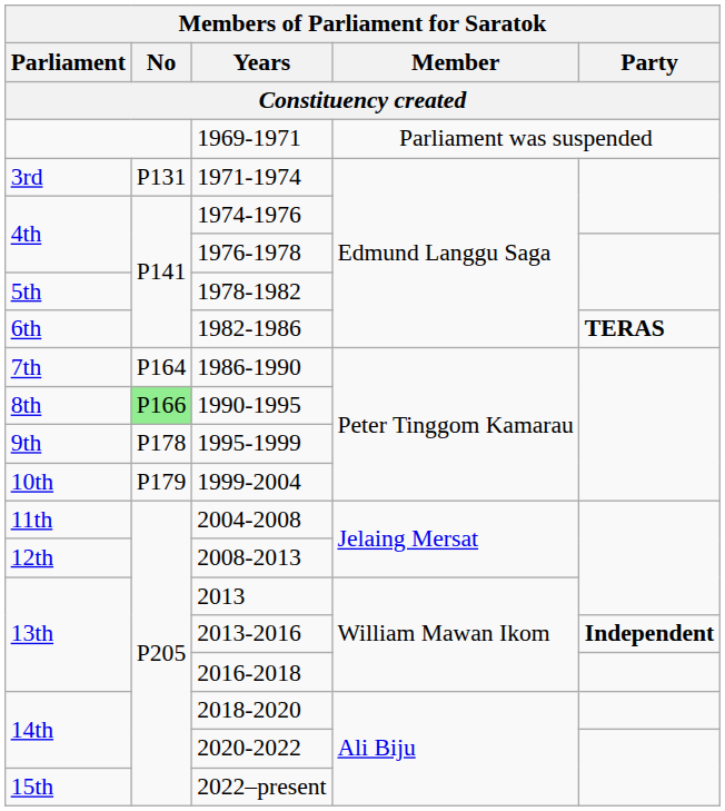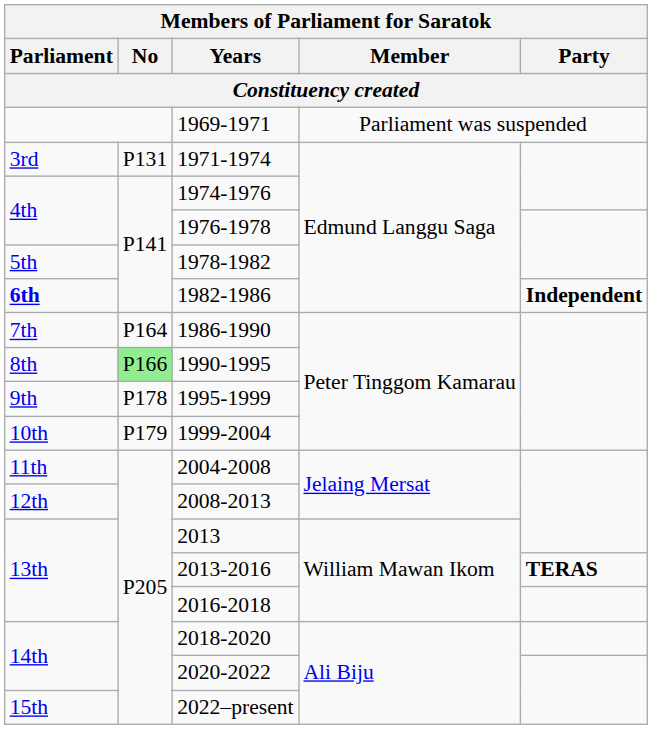 <table class=wikitable>
 <tr>
 <th colspan="5">Members of Parliament for Saratok</th>
 </tr>
 <tr>
 <th>Parliament</th>
 <th>No</th>
 <th>Years</th>
 <th>Member</th>
 <th>Party</th>
 </tr>
 <tr>
 <th colspan="5" align="center"><em>Constituency created</em></th>
 </tr>
 <tr>
 <td colspan="2"></td>
 <td>1969-1971</td>
 <td colspan=2 align=center>Parliament was suspended</td>
 </tr>
 <tr>
 <td><a href='#'>3rd</a></td>
 <td>P131</td>
 <td>1971-1974</td>
 <td rowspan=5>Edmund Langgu Saga</td>
 <td rowspan=2></td>
 </tr>
 <tr>
 <td rowspan=2><a href='#'>4th</a></td>
 <td rowspan="4">P141</td>
 <td>1974-1976</td>
 </tr>
 <tr>
 <td>1976-1978</td>
 <td rowspan=2></td>
 </tr>
 <tr>
 <td><a href='#'>5th</a></td>
 <td>1978-1982</td>
 </tr>
 <tr>
-<td><a href='#'>6th</a></td>
+<td><strong><a href='#'>6th</a></strong></td>
 <td>1982-1986</td>
-<td><strong>TERAS</strong></td>
+<td><strong>Independent</strong></td>
 </tr>
 <tr>
 <td><a href='#'>7th</a></td>
 <td>P164</td>
 <td>1986-1990</td>
 <td rowspan=4>Peter Tinggom Kamarau</td>
 <td rowspan="4"></td>
 </tr>
 <tr>
 <td><a href='#'>8th</a></td>
 <td style="background: lightgreen;">P166</td>
 <td>1990-1995</td>
 </tr>
 <tr>
 <td><a href='#'>9th</a></td>
 <td>P178</td>
 <td>1995-1999</td>
 </tr>
 <tr>
 <td><a href='#'>10th</a></td>
 <td>P179</td>
 <td>1999-2004</td>
 </tr>
 <tr>
 <td><a href='#'>11th</a></td>
 <td rowspan="8">P205</td>
 <td>2004-2008</td>
 <td rowspan=2><a href='#'>Jelaing Mersat</a></td>
 <td rowspan="3"></td>
 </tr>
 <tr>
 <td><a href='#'>12th</a></td>
 <td>2008-2013</td>
 </tr>
 <tr>
 <td rowspan="3"><a href='#'>13th</a></td>
 <td>2013</td>
 <td rowspan="3">William Mawan Ikom</td>
 </tr>
 <tr>
 <td>2013-2016</td>
-<td><strong>Independent</strong></td>
+<td><strong>TERAS</strong></td>
 </tr>
 <tr>
 <td>2016-2018</td>
 <td> </td>
 </tr>
 <tr>
 <td rowspan="2"><a href='#'>14th</a></td>
 <td>2018-2020</td>
 <td rowspan="3"><a href='#'>Ali Biju</a></td>
 <td></td>
 </tr>
 <tr>
 <td>2020-2022</td>
 <td rowspan="2"></td>
 </tr>
 <tr>
 <td><a href='#'>15th</a></td>
 <td>2022–present</td>
 </tr>
 </table>
